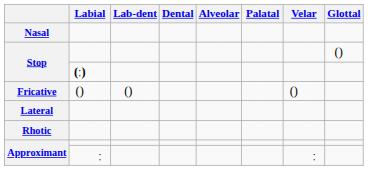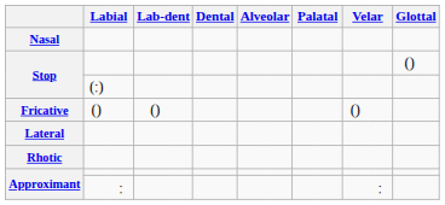 <table class="wikitable" style=text-align:center>
 <tr style="font-size: 90%;">
 <th></th>
 <th colspan=2><a href='#'>Labial</a></th>
 <th colspan=2><a href='#'>Lab-dent</a></th>
 <th colspan=2><a href='#'>Dental</a></th>
 <th colspan=2><a href='#'>Alveolar</a></th>
 <th colspan=2><a href='#'>Palatal</a></th>
 <th colspan=2><a href='#'>Velar</a></th>
 <th colspan=2><a href='#'>Glottal</a></th>
 </tr>
 <tr>
 <th><small><a href='#'>Nasal</a></small></th>
 <td width=20px style="border-right: 0;"></td>
 <td width=20px style="border-left: 0;"></td>
 <td colspan=2></td>
 <td colspan=2></td>
 <td width=20px style="border-right: 0;"></td>
 <td width=20px style="border-left: 0;"></td>
 <td width=20px style="border-right: 0;"></td>
 <td width=20px style="border-left: 0;"></td>
 <td width=20px style="border-right: 0;"></td>
 <td width=20px style="border-left: 0;"></td>
 <td colspan=2></td>
 </tr>
 <tr>
 <th rowspan=2><small><a href='#'>Stop</a></small></th>
 <td style="border-right: 0;"></td>
 <td style="border-left: 0;"></td>
 <td colspan=2></td>
 <td style="border-right: 0;"></td>
 <td style="border-left: 0;"></td>
 <td style="border-right: 0;"></td>
 <td style="border-left: 0;"></td>
 <td style="border-right: 0;"></td>
 <td style="border-left: 0;"></td>
 <td style="border-right: 0;"></td>
 <td style="border-left: 0;"></td>
 <td style="border-right: 0;">()</td>
 <td style="border-left: 0;"></td>
 </tr>
 <tr>
-<td style="border-right: 0;"><strong>(ː)</strong></td>
+<td style="border-right: 0;">(ː)</td>
 <td style="border-left: 0;"></td>
 <td colspan=2></td>
 <td colspan=2></td>
 <td colspan=2></td>
 <td colspan=2></td>
 <td colspan=2></td>
 <td colspan=2></td>
 </tr>
 <tr>
 <th><small><a href='#'>Fricative</a></small></th>
 <td style="border-right: 0;">()</td>
 <td style="border-left: 0;"></td>
 <td style="border-right: 0;">()</td>
 <td style="border-left: 0;"></td>
 <td colspan=2></td>
 <td style="border-right: 0;"></td>
 <td style="border-left: 0;"></td>
 <td colspan=2></td>
 <td style="border-right: 0;">()</td>
 <td style="border-left: 0;"></td>
 <td colspan=2></td>
 </tr>
 <tr>
 <th><small><a href='#'>Lateral</a></small></th>
 <td colspan=2></td>
 <td colspan=2></td>
 <td colspan=2></td>
 <td style="border-right: 0;"></td>
 <td style="border-left: 0;"></td>
 <td colspan=2></td>
 <td colspan=2></td>
 <td colspan=2></td>
 </tr>
 <tr>
 <th><small><a href='#'>Rhotic</a></small></th>
 <td colspan=2></td>
 <td colspan=2></td>
 <td colspan=2></td>
 <td style="border-right: 0;"></td>
 <td style="border-left: 0;"></td>
 <td colspan=2></td>
 <td colspan=2></td>
 <td colspan=2></td>
 </tr>
 <tr>
 <th rowspan=2><small><a href='#'>Approximant</a></small></th>
 <td style="border-right: 0;"></td>
 <td style="border-left: 0;"></td>
 <td colspan=2></td>
 <td colspan=2></td>
 <td colspan=2></td>
 <td colspan=2></td>
 <td style="border-right: 0;"></td>
 <td style="border-left: 0;"></td>
 <td colspan=2></td>
 </tr>
 <tr>
 <td style="border-right: 0;"></td>
 <td style="border-left: 0;">ː</td>
 <td colspan=2></td>
 <td colspan=2></td>
 <td colspan=2></td>
 <td colspan=2></td>
 <td style="border-right: 0;"></td>
 <td style="border-left: 0;">ː</td>
 <td colspan=2></td>
 </tr>
 </table>
